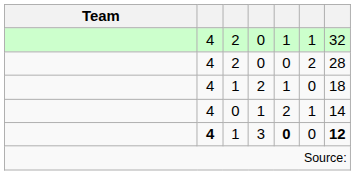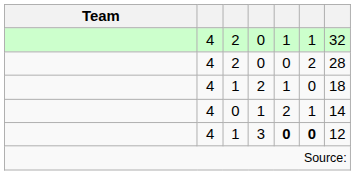 <table class="wikitable" style="text-align:center">
 <tr>
 <th width=200>Team</th>
 <th width=20></th>
 <th width=20></th>
 <th width=20></th>
 <th width=20></th>
 <th width=20></th>
 <th width=20></th>
 </tr>
 <tr style="background:#cfc">
 <td style="text-align:left;"></td>
 <td>4</td>
 <td>2</td>
 <td>0</td>
 <td>1</td>
 <td>1</td>
 <td>32</td>
 </tr>
 <tr>
 <td style="text-align:left;"></td>
 <td>4</td>
 <td>2</td>
 <td>0</td>
 <td>0</td>
 <td>2</td>
 <td>28</td>
 </tr>
 <tr>
 <td style="text-align:left;"></td>
 <td>4</td>
 <td>1</td>
 <td>2</td>
 <td>1</td>
 <td>0</td>
 <td>18</td>
 </tr>
 <tr>
 <td style="text-align:left;"></td>
 <td>4</td>
 <td>0</td>
 <td>1</td>
 <td>2</td>
 <td>1</td>
 <td>14</td>
 </tr>
 <tr>
 <td style="text-align:left;"></td>
-<td><strong>4</strong></td>
+<td>4</td>
 <td>1</td>
 <td>3</td>
 <td><strong>0</strong></td>
-<td>0</td>
-<td><strong>12</strong></td>
+<td><strong>0</strong></td>
+<td>12</td>
 </tr>
 <tr>
 <td colspan="8" style="text-align:right;"><small>Source: </small></td>
 </tr>
 </table>
